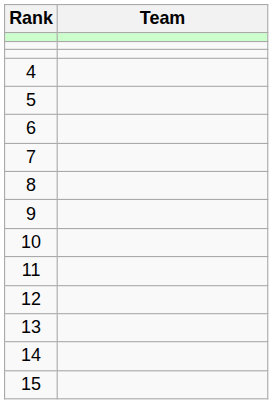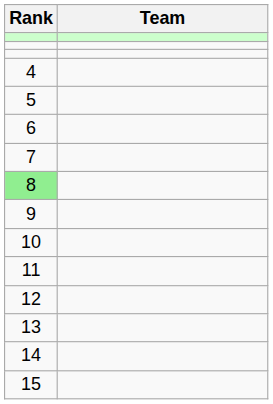 <table class="wikitable" style="text-align:center;">
 <tr>
 <th width=40>Rank</th>
 <th width=180>Team</th>
 </tr>
 <tr bgcolor=#ccffcc>
 <td></td>
 <td style="text-align:left;"></td>
 </tr>
 <tr>
 <td></td>
 <td style="text-align:left;"></td>
 </tr>
 <tr>
 <td></td>
 <td style="text-align:left;"></td>
 </tr>
 <tr>
 <td>4</td>
 <td style="text-align:left;"></td>
 </tr>
 <tr>
 <td>5</td>
 <td style="text-align:left;"></td>
 </tr>
 <tr>
 <td>6</td>
 <td style="text-align:left;"></td>
 </tr>
 <tr>
 <td>7</td>
 <td style="text-align:left;"></td>
 </tr>
 <tr>
-<td>8</td>
+<td style="background: lightgreen;">8</td>
 <td style="text-align:left;"></td>
 </tr>
 <tr>
 <td>9</td>
 <td style="text-align:left;"></td>
 </tr>
 <tr>
 <td>10</td>
 <td style="text-align:left;"></td>
 </tr>
 <tr>
 <td>11</td>
 <td style="text-align:left;"></td>
 </tr>
 <tr>
 <td>12</td>
 <td style="text-align:left;"></td>
 </tr>
 <tr>
 <td>13</td>
 <td style="text-align:left;"></td>
 </tr>
 <tr>
 <td>14</td>
 <td style="text-align:left;"></td>
 </tr>
 <tr>
 <td>15</td>
 <td style="text-align:left;"></td>
 </tr>
 </table>
